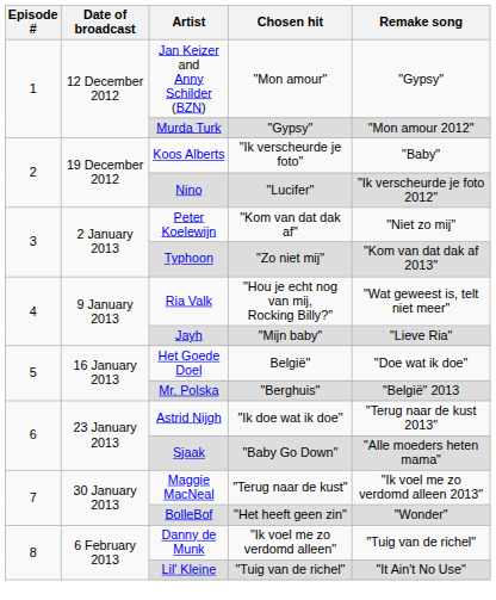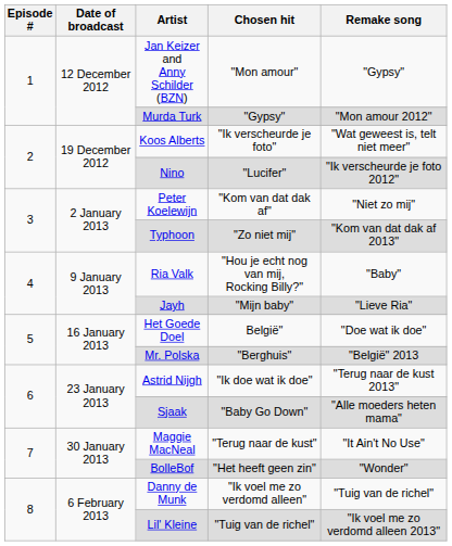 <table class="wikitable">
 <tr>
 <th>Episode <br>#</th>
 <th>Date of <br>broadcast</th>
 <th>Artist</th>
 <th>Chosen hit</th>
 <th>Remake song</th>
 </tr>
 <tr>
 <td rowspan=2 align="center">1</td>
 <td rowspan=2 align="center">12 December 2012</td>
 <td align="center"><a href='#'>Jan Keizer</a> and <br> <a href='#'>Anny Schilder</a><br> (<a href='#'>BZN</a>)</td>
 <td align="center">"Mon amour"</td>
 <td align="center">"Gypsy"</td>
 </tr>
 <tr bgcolor=DDDDDD>
 <td align="center"><a href='#'>Murda Turk</a></td>
 <td align="center">"Gypsy"</td>
 <td align="center">"Mon amour 2012"</td>
 </tr>
 <tr>
 <td rowspan=2 align="center">2</td>
 <td rowspan=2 align="center">19 December 2012</td>
 <td align="center"><a href='#'>Koos Alberts</a></td>
 <td align="center">"Ik verscheurde je foto"</td>
-<td align="center">"Baby"</td>
+<td align="center">"Wat geweest is, telt niet meer"</td>
 </tr>
 <tr bgcolor=DDDDDD>
 <td align="center"><a href='#'>Nino</a></td>
 <td align="center">"Lucifer"</td>
 <td align="center">"Ik verscheurde je foto 2012"</td>
 </tr>
 <tr>
 <td rowspan=2 align="center">3</td>
 <td rowspan=2 align="center">2 January 2013</td>
 <td align="center"><a href='#'>Peter Koelewijn</a></td>
 <td align="center">"Kom van dat dak af"</td>
 <td align="center">"Niet zo mij"</td>
 </tr>
 <tr bgcolor=DDDDDD>
 <td align="center"><a href='#'>Typhoon</a></td>
 <td align="center">"Zo niet mij"</td>
 <td align="center">"Kom van dat dak af 2013"</td>
 </tr>
 <tr>
 <td rowspan=2 align="center">4</td>
 <td rowspan=2 align="center">9 January 2013</td>
 <td align="center"><a href='#'>Ria Valk</a></td>
 <td align="center">"Hou je echt nog van mij,<br> Rocking Billy?"</td>
-<td align="center">"Wat geweest is, telt niet meer"</td>
+<td align="center">"Baby"</td>
 </tr>
 <tr bgcolor=DDDDDD>
 <td align="center"><a href='#'>Jayh</a></td>
 <td align="center">"Mijn baby"</td>
 <td align="center">"Lieve Ria"</td>
 </tr>
 <tr>
 <td rowspan=2 align="center">5</td>
 <td rowspan=2 align="center">16 January 2013</td>
 <td align="center"><a href='#'>Het Goede Doel</a></td>
 <td align="center">België"</td>
 <td align="center">"Doe wat ik doe"</td>
 </tr>
 <tr bgcolor=DDDDDD>
 <td align="center"><a href='#'>Mr. Polska</a></td>
 <td align="center">"Berghuis"</td>
 <td align="center">"België" 2013</td>
 </tr>
 <tr>
 <td rowspan=2 align="center">6</td>
 <td rowspan=2 align="center">23 January 2013</td>
 <td align="center"><a href='#'>Astrid Nijgh</a></td>
 <td align="center">"Ik doe wat ik doe"</td>
 <td align="center">"Terug naar de kust 2013"</td>
 </tr>
 <tr bgcolor=DDDDDD>
 <td align="center"><a href='#'>Sjaak</a></td>
 <td align="center">"Baby Go Down"</td>
 <td align="center">"Alle moeders heten mama"</td>
 </tr>
 <tr>
 <td rowspan=2 align="center">7</td>
 <td rowspan=2 align="center">30 January 2013</td>
 <td align="center"><a href='#'>Maggie MacNeal</a></td>
 <td align="center">"Terug naar de kust"</td>
-<td align="center">"Ik voel me zo verdomd alleen 2013"</td>
+<td align="center">"It Ain't No Use"</td>
 </tr>
 <tr bgcolor=DDDDDD>
 <td align="center"><a href='#'>BolleBof</a></td>
 <td align="center">"Het heeft geen zin"</td>
 <td align="center">"Wonder"</td>
 </tr>
 <tr>
 <td rowspan=2 align="center">8</td>
 <td rowspan=2 align="center">6 February 2013</td>
 <td align="center"><a href='#'>Danny de Munk</a></td>
 <td align="center">"Ik voel me zo verdomd alleen"</td>
 <td align="center">"Tuig van de richel"</td>
 </tr>
 <tr bgcolor=DDDDDD>
 <td align="center"><a href='#'>Lil' Kleine</a></td>
 <td align="center">"Tuig van de richel"</td>
-<td align="center">"It Ain't No Use"</td>
+<td align="center">"Ik voel me zo verdomd alleen 2013"</td>
 </tr>
 </table>
